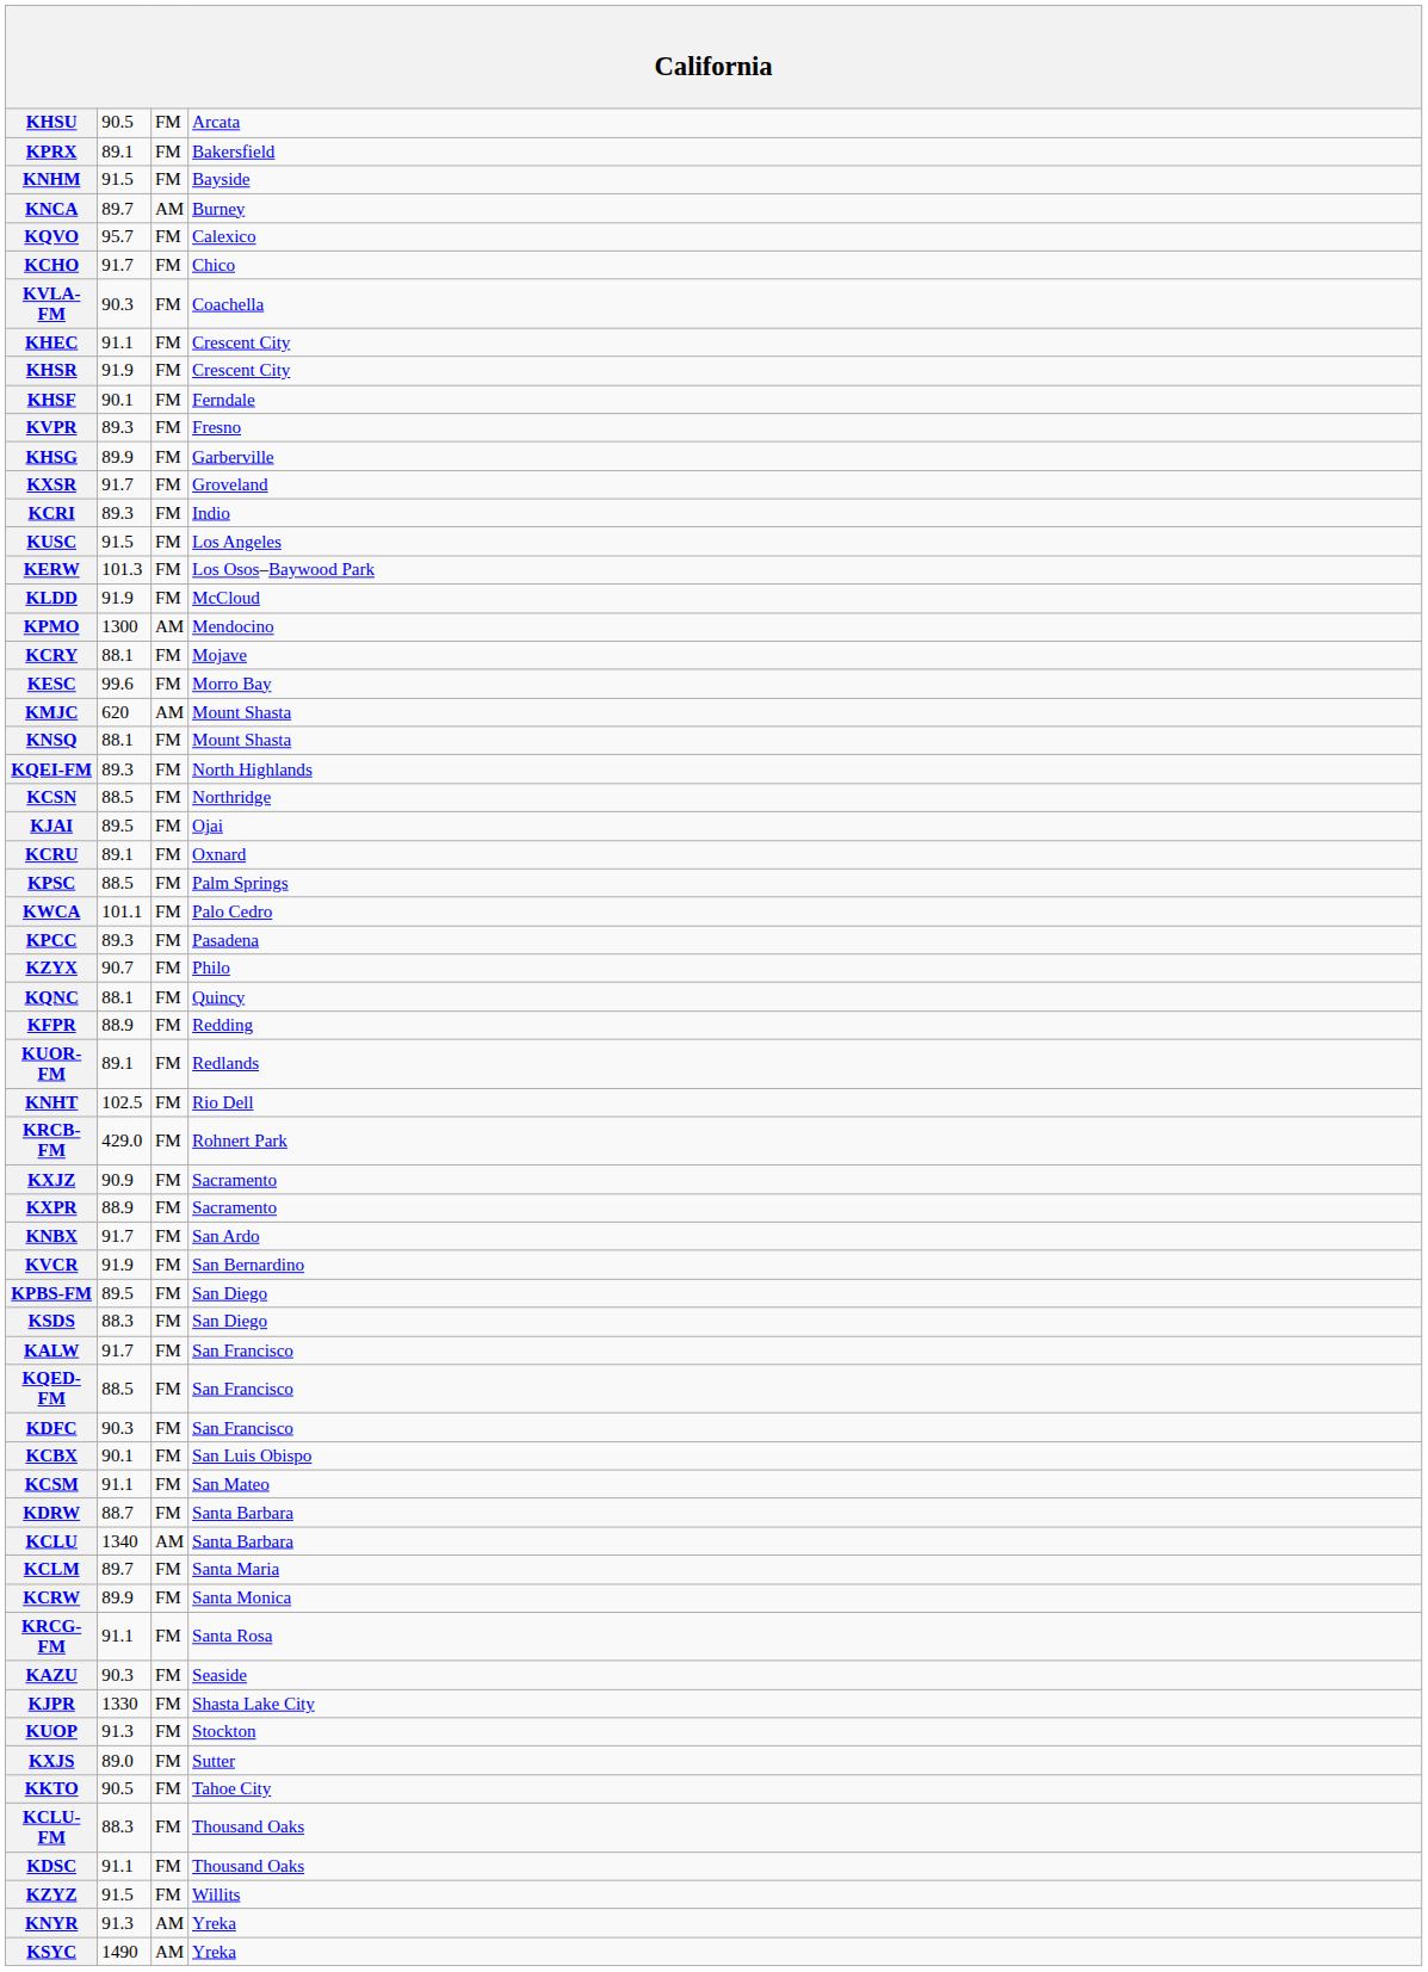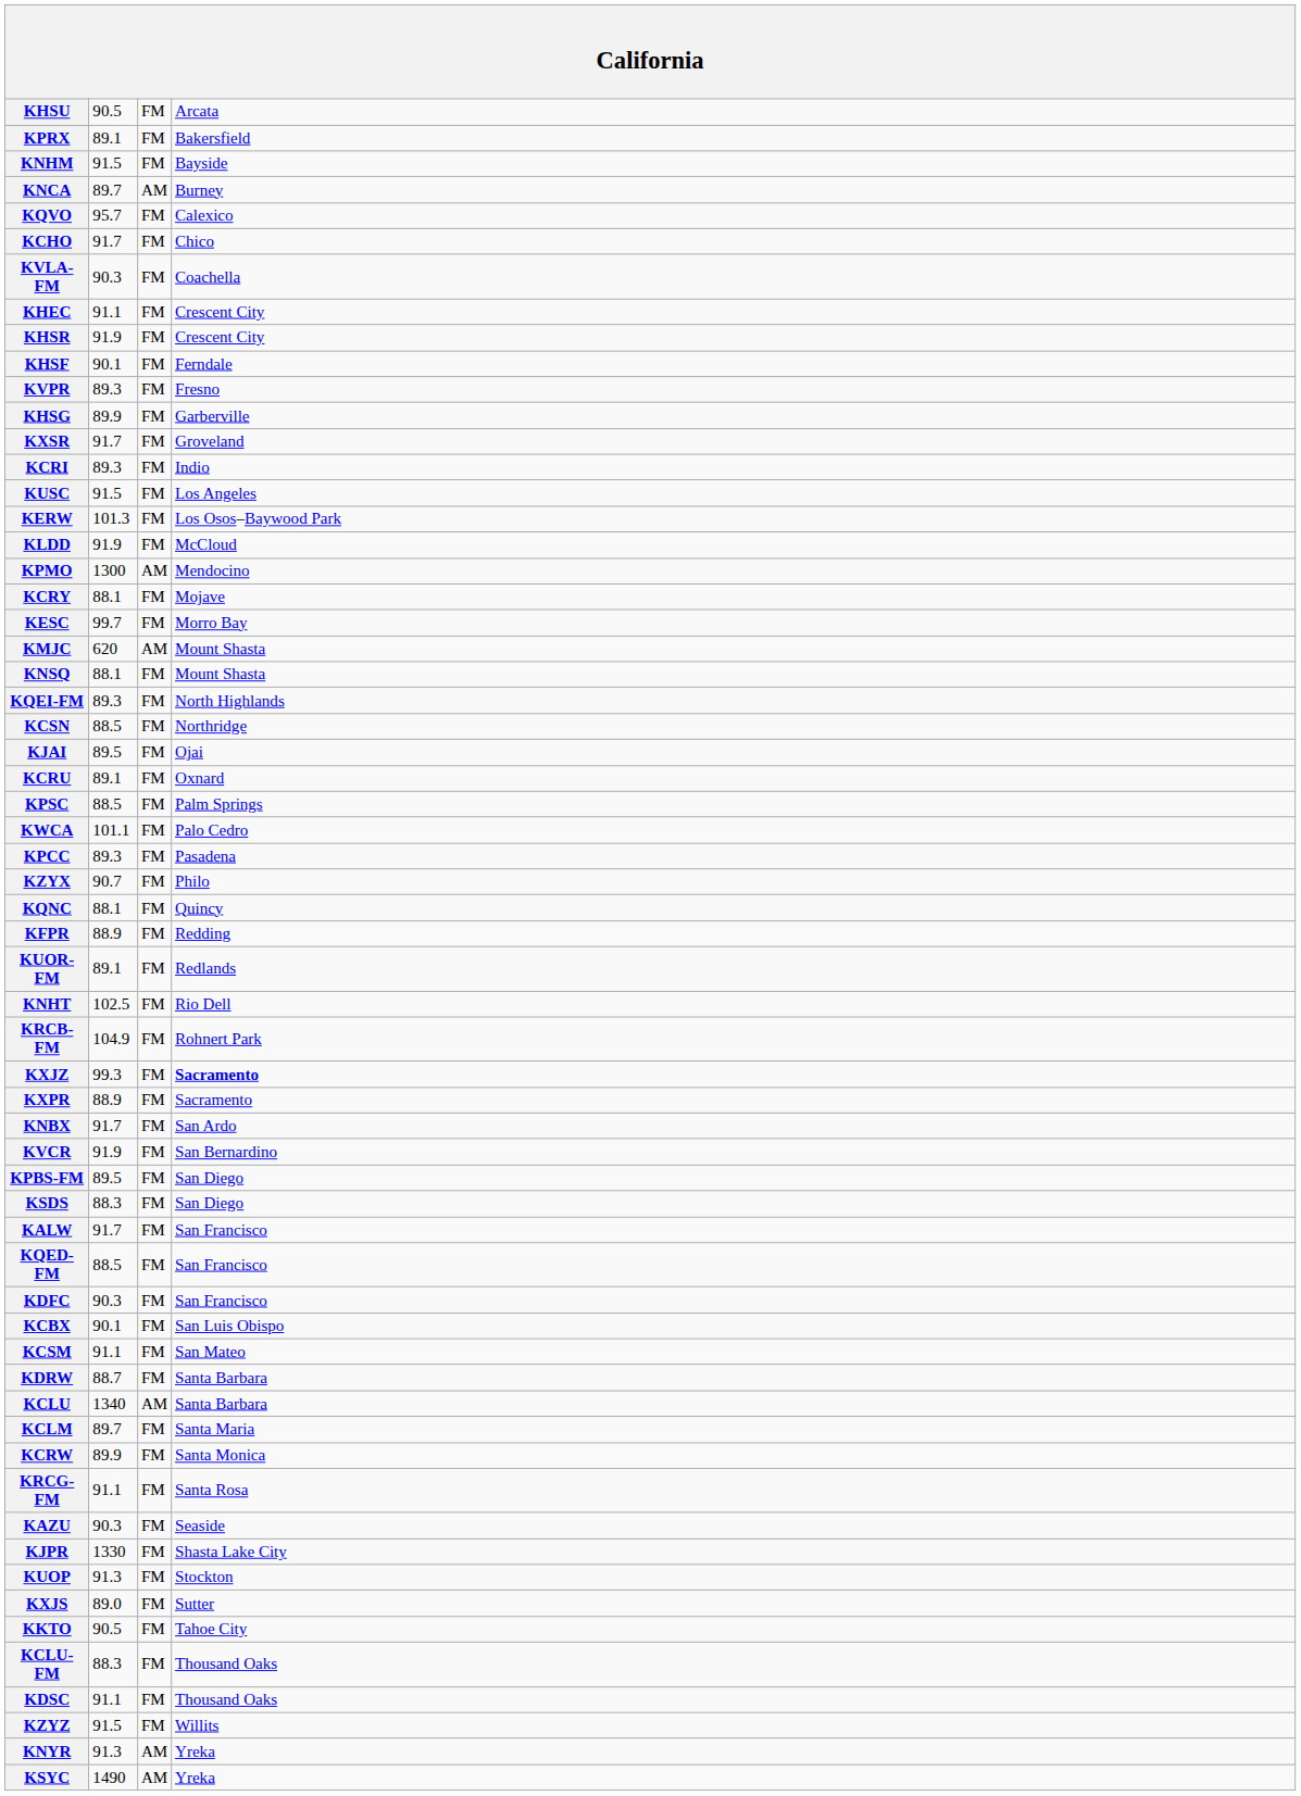 <table class="wikitable mw-collapsible" style="width:100%">
 <tr>
 <th scope="col" colspan="4"><br><h2>California</h2></th>
 </tr>
 <tr>
 <th scope="row" style="width: 75px;"><a href='#'>KHSU</a></th>
 <td style="width: 40px;">90.5</td>
 <td style="width: 21px;">FM</td>
 <td><a href='#'>Arcata</a></td>
 </tr>
 <tr>
 <th scope="row"><a href='#'>KPRX</a></th>
 <td>89.1</td>
 <td>FM</td>
 <td><a href='#'>Bakersfield</a></td>
 </tr>
 <tr>
 <th scope="row"><a href='#'>KNHM</a></th>
 <td>91.5</td>
 <td>FM</td>
 <td><a href='#'>Bayside</a></td>
 </tr>
 <tr>
 <th scope="row"><a href='#'>KNCA</a></th>
 <td>89.7</td>
 <td>AM</td>
 <td><a href='#'>Burney</a></td>
 </tr>
 <tr>
 <th scope="row"><a href='#'>KQVO</a></th>
 <td>95.7</td>
 <td>FM</td>
 <td><a href='#'>Calexico</a></td>
 </tr>
 <tr>
 <th scope="row"><a href='#'>KCHO</a></th>
 <td>91.7</td>
 <td>FM</td>
 <td><a href='#'>Chico</a></td>
 </tr>
 <tr>
 <th scope="row"><a href='#'>KVLA-FM</a></th>
 <td>90.3</td>
 <td>FM</td>
 <td><a href='#'>Coachella</a></td>
 </tr>
 <tr>
 <th scope="row"><a href='#'>KHEC</a></th>
 <td>91.1</td>
 <td>FM</td>
 <td><a href='#'>Crescent City</a></td>
 </tr>
 <tr>
 <th scope="row"><a href='#'>KHSR</a></th>
 <td>91.9</td>
 <td>FM</td>
 <td><a href='#'>Crescent City</a></td>
 </tr>
 <tr>
 <th scope="row"><a href='#'>KHSF</a></th>
 <td>90.1</td>
 <td>FM</td>
 <td><a href='#'>Ferndale</a></td>
 </tr>
 <tr>
 <th scope="row"><a href='#'>KVPR</a></th>
 <td>89.3</td>
 <td>FM</td>
 <td><a href='#'>Fresno</a></td>
 </tr>
 <tr>
 <th scope="row"><a href='#'>KHSG</a></th>
 <td>89.9</td>
 <td>FM</td>
 <td><a href='#'>Garberville</a></td>
 </tr>
 <tr>
 <th scope="row"><a href='#'>KXSR</a></th>
 <td>91.7</td>
 <td>FM</td>
 <td><a href='#'>Groveland</a></td>
 </tr>
 <tr>
 <th scope="row"><a href='#'>KCRI</a></th>
 <td>89.3</td>
 <td>FM</td>
 <td><a href='#'>Indio</a></td>
 </tr>
 <tr>
 <th scope="row"><a href='#'>KUSC</a></th>
 <td>91.5</td>
 <td>FM</td>
 <td><a href='#'>Los Angeles</a></td>
 </tr>
 <tr>
 <th scope="row"><a href='#'>KERW</a></th>
 <td>101.3</td>
 <td>FM</td>
 <td><a href='#'>Los Osos</a>–<a href='#'>Baywood Park</a></td>
 </tr>
 <tr>
 <th scope="row"><a href='#'>KLDD</a></th>
 <td>91.9</td>
 <td>FM</td>
 <td><a href='#'>McCloud</a></td>
 </tr>
 <tr>
 <th scope="row"><a href='#'>KPMO</a></th>
 <td>1300</td>
 <td>AM</td>
 <td><a href='#'>Mendocino</a></td>
 </tr>
 <tr>
 <th scope="row"><a href='#'>KCRY</a></th>
 <td>88.1</td>
 <td>FM</td>
 <td><a href='#'>Mojave</a></td>
 </tr>
 <tr>
 <th scope="row"><a href='#'>KESC</a></th>
-<td>99.6</td>
+<td>99.7</td>
 <td>FM</td>
 <td><a href='#'>Morro Bay</a></td>
 </tr>
 <tr>
 <th scope="row"><a href='#'>KMJC</a></th>
 <td>620</td>
 <td>AM</td>
 <td><a href='#'>Mount Shasta</a></td>
 </tr>
 <tr>
 <th scope="row"><a href='#'>KNSQ</a></th>
 <td>88.1</td>
 <td>FM</td>
 <td><a href='#'>Mount Shasta</a></td>
 </tr>
 <tr>
 <th scope="row"><a href='#'>KQEI-FM</a></th>
 <td>89.3</td>
 <td>FM</td>
 <td><a href='#'>North Highlands</a></td>
 </tr>
 <tr>
 <th scope="row"><a href='#'>KCSN</a></th>
 <td>88.5</td>
 <td>FM</td>
 <td><a href='#'>Northridge</a></td>
 </tr>
 <tr>
 <th scope="row"><a href='#'>KJAI</a></th>
 <td>89.5</td>
 <td>FM</td>
 <td><a href='#'>Ojai</a></td>
 </tr>
 <tr>
 <th scope="row"><a href='#'>KCRU</a></th>
 <td>89.1</td>
 <td>FM</td>
 <td><a href='#'>Oxnard</a></td>
 </tr>
 <tr>
 <th scope="row"><a href='#'>KPSC</a></th>
 <td>88.5</td>
 <td>FM</td>
 <td><a href='#'>Palm Springs</a></td>
 </tr>
 <tr>
 <th scope="row"><a href='#'>KWCA</a></th>
 <td>101.1</td>
 <td>FM</td>
 <td><a href='#'>Palo Cedro</a></td>
 </tr>
 <tr>
 <th scope="row"><a href='#'>KPCC</a></th>
 <td>89.3</td>
 <td>FM</td>
 <td><a href='#'>Pasadena</a></td>
 </tr>
 <tr>
 <th scope="row"><a href='#'>KZYX</a></th>
 <td>90.7</td>
 <td>FM</td>
 <td><a href='#'>Philo</a></td>
 </tr>
 <tr>
 <th scope="row"><a href='#'>KQNC</a></th>
 <td>88.1</td>
 <td>FM</td>
 <td><a href='#'>Quincy</a></td>
 </tr>
 <tr>
 <th scope="row"><a href='#'>KFPR</a></th>
 <td>88.9</td>
 <td>FM</td>
 <td><a href='#'>Redding</a></td>
 </tr>
 <tr>
 <th scope="row"><a href='#'>KUOR-FM</a></th>
 <td>89.1</td>
 <td>FM</td>
 <td><a href='#'>Redlands</a></td>
 </tr>
 <tr>
 <th scope="row"><a href='#'>KNHT</a></th>
 <td>102.5</td>
 <td>FM</td>
 <td><a href='#'>Rio Dell</a></td>
 </tr>
 <tr>
 <th scope="row"><a href='#'>KRCB-FM</a></th>
-<td>429.0</td>
+<td>104.9</td>
 <td>FM</td>
 <td><a href='#'>Rohnert Park</a></td>
 </tr>
 <tr>
 <th scope="row"><a href='#'>KXJZ</a></th>
-<td>90.9</td>
+<td>99.3</td>
 <td>FM</td>
-<td><a href='#'>Sacramento</a></td>
+<td><strong><a href='#'>Sacramento</a></strong></td>
 </tr>
 <tr>
 <th scope="row"><a href='#'>KXPR</a></th>
 <td>88.9</td>
 <td>FM</td>
 <td><a href='#'>Sacramento</a></td>
 </tr>
 <tr>
 <th scope="row"><a href='#'>KNBX</a></th>
 <td>91.7</td>
 <td>FM</td>
 <td><a href='#'>San Ardo</a></td>
 </tr>
 <tr>
 <th scope="row"><a href='#'>KVCR</a></th>
 <td>91.9</td>
 <td>FM</td>
 <td><a href='#'>San Bernardino</a></td>
 </tr>
 <tr>
 <th scope="row"><a href='#'>KPBS-FM</a></th>
 <td>89.5</td>
 <td>FM</td>
 <td><a href='#'>San Diego</a></td>
 </tr>
 <tr>
 <th scope="row"><a href='#'>KSDS</a></th>
 <td>88.3</td>
 <td>FM</td>
 <td><a href='#'>San Diego</a></td>
 </tr>
 <tr>
 <th scope="row"><a href='#'>KALW</a></th>
 <td>91.7</td>
 <td>FM</td>
 <td><a href='#'>San Francisco</a></td>
 </tr>
 <tr>
 <th scope="row"><a href='#'>KQED-FM</a></th>
 <td>88.5</td>
 <td>FM</td>
 <td><a href='#'>San Francisco</a></td>
 </tr>
 <tr>
 <th scope="row"><a href='#'>KDFC</a></th>
 <td>90.3</td>
 <td>FM</td>
 <td><a href='#'>San Francisco</a></td>
 </tr>
 <tr>
 <th scope="row"><a href='#'>KCBX</a></th>
 <td>90.1</td>
 <td>FM</td>
 <td><a href='#'>San Luis Obispo</a></td>
 </tr>
 <tr>
 <th scope="row"><a href='#'>KCSM</a></th>
 <td>91.1</td>
 <td>FM</td>
 <td><a href='#'>San Mateo</a></td>
 </tr>
 <tr>
 <th scope="row"><a href='#'>KDRW</a></th>
 <td>88.7</td>
 <td>FM</td>
 <td><a href='#'>Santa Barbara</a></td>
 </tr>
 <tr>
 <th scope="row"><a href='#'>KCLU</a></th>
 <td>1340</td>
 <td>AM</td>
 <td><a href='#'>Santa Barbara</a></td>
 </tr>
 <tr>
 <th scope="row"><a href='#'>KCLM</a></th>
 <td>89.7</td>
 <td>FM</td>
 <td><a href='#'>Santa Maria</a></td>
 </tr>
 <tr>
 <th scope="row"><a href='#'>KCRW</a></th>
 <td>89.9</td>
 <td>FM</td>
 <td><a href='#'>Santa Monica</a></td>
 </tr>
 <tr>
 <th scope="row"><a href='#'>KRCG-FM</a></th>
 <td>91.1</td>
 <td>FM</td>
 <td><a href='#'>Santa Rosa</a></td>
 </tr>
 <tr>
 <th scope="row"><a href='#'>KAZU</a></th>
 <td>90.3</td>
 <td>FM</td>
 <td><a href='#'>Seaside</a></td>
 </tr>
 <tr>
 <th scope="row"><a href='#'>KJPR</a></th>
 <td>1330</td>
 <td>FM</td>
 <td><a href='#'>Shasta Lake City</a></td>
 </tr>
 <tr>
 <th scope="row"><a href='#'>KUOP</a></th>
 <td>91.3</td>
 <td>FM</td>
 <td><a href='#'>Stockton</a></td>
 </tr>
 <tr>
 <th scope="row"><a href='#'>KXJS</a></th>
 <td>89.0</td>
 <td>FM</td>
 <td><a href='#'>Sutter</a></td>
 </tr>
 <tr>
 <th scope="row"><a href='#'>KKTO</a></th>
 <td>90.5</td>
 <td>FM</td>
 <td><a href='#'>Tahoe City</a></td>
 </tr>
 <tr>
 <th scope="row"><a href='#'>KCLU-FM</a></th>
 <td>88.3</td>
 <td>FM</td>
 <td><a href='#'>Thousand Oaks</a></td>
 </tr>
 <tr>
 <th scope="row"><a href='#'>KDSC</a></th>
 <td>91.1</td>
 <td>FM</td>
 <td><a href='#'>Thousand Oaks</a></td>
 </tr>
 <tr>
 <th scope="row"><a href='#'>KZYZ</a></th>
 <td>91.5</td>
 <td>FM</td>
 <td><a href='#'>Willits</a></td>
 </tr>
 <tr>
 <th scope="row"><a href='#'>KNYR</a></th>
 <td>91.3</td>
 <td>AM</td>
 <td><a href='#'>Yreka</a></td>
 </tr>
 <tr>
 <th scope="row"><a href='#'>KSYC</a></th>
 <td>1490</td>
 <td>AM</td>
 <td><a href='#'>Yreka</a></td>
 </tr>
 </table>
